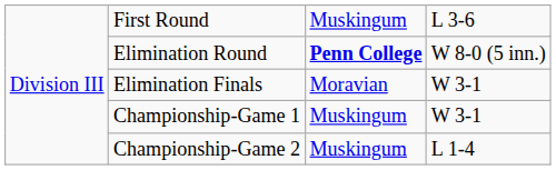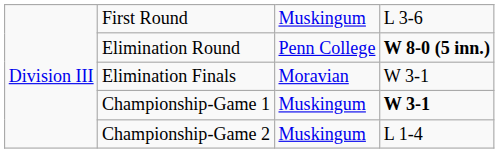 <table class="wikitable">
 <tr>
 <td rowspan="5"><a href='#'>Division III</a></td>
 <td>First Round</td>
 <td><a href='#'>Muskingum</a></td>
 <td>L 3-6</td>
 </tr>
 <tr>
 <td>Elimination Round</td>
-<td><strong><a href='#'>Penn College</a></strong></td>
-<td>W 8-0 (5 inn.)</td>
+<td><a href='#'>Penn College</a></td>
+<td><strong>W 8-0 (5 inn.)</strong></td>
 </tr>
 <tr>
 <td>Elimination Finals</td>
 <td><a href='#'>Moravian</a></td>
 <td>W 3-1</td>
 </tr>
 <tr>
 <td>Championship-Game 1</td>
 <td><a href='#'>Muskingum</a></td>
-<td>W 3-1</td>
+<td><strong>W 3-1</strong></td>
 </tr>
 <tr>
 <td>Championship-Game 2</td>
 <td><a href='#'>Muskingum</a></td>
 <td>L 1-4</td>
 </tr>
 </table>
